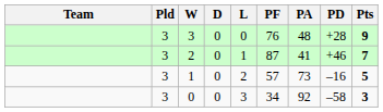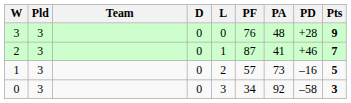 <table class="wikitable" style="text-align:center;">
 <tr>
+<th width=25 abbr="Won">W</th>
+<th width=25 abbr="Played">Pld</th>
 <th width=175>Team</th>
-<th width=25 abbr="Played">Pld</th>
-<th width=25 abbr="Won">W</th>
 <th width=25 abbr="Drawn">D</th>
 <th width=25 abbr="Lost">L</th>
 <th width=32 abbr="Points for">PF</th>
 <th width=32 abbr="Points against">PA</th>
 <th width=32 abbr="Points difference">PD</th>
 <th width=25 abbr="Points">Pts</th>
 </tr>
 <tr bgcolor=ccffcc>
-<td align=left></td>
 <td>3</td>
 <td>3</td>
+<td align=left></td>
 <td>0</td>
 <td>0</td>
 <td>76</td>
 <td>48</td>
 <td>+28</td>
 <td><strong>9</strong></td>
 </tr>
 <tr bgcolor=ccffcc>
+<td>2</td>
+<td>3</td>
 <td align=left></td>
-<td>3</td>
-<td>2</td>
 <td>0</td>
 <td>1</td>
 <td>87</td>
 <td>41</td>
 <td>+46</td>
 <td><strong>7</strong></td>
 </tr>
 <tr>
+<td>1</td>
+<td>3</td>
 <td align=left></td>
-<td>3</td>
-<td>1</td>
 <td>0</td>
 <td>2</td>
 <td>57</td>
 <td>73</td>
 <td>–16</td>
 <td><strong>5</strong></td>
 </tr>
 <tr>
+<td>0</td>
+<td>3</td>
 <td align=left></td>
-<td>3</td>
-<td>0</td>
 <td>0</td>
 <td>3</td>
 <td>34</td>
 <td>92</td>
 <td>–58</td>
 <td><strong>3</strong></td>
 </tr>
 </table>
